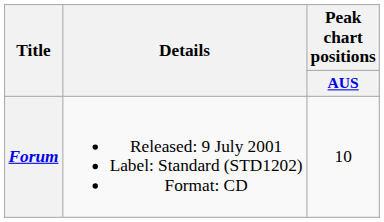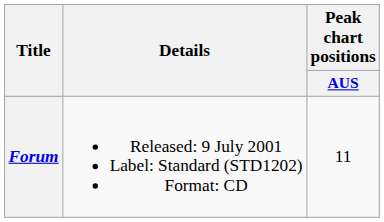 <table class="wikitable plainrowheaders" style="text-align:center;">
 <tr>
 <th scope="col" rowspan="2">Title</th>
 <th scope="col" rowspan="2">Details</th>
 <th scope="col" colspan="1">Peak chart positions</th>
 </tr>
 <tr>
 <th scope="col" style="width:3em;font-size:90%;"><a href='#'>AUS</a><br></th>
 </tr>
 <tr>
 <th scope="row"><em><a href='#'>Forum</a></em></th>
 <td><br><ul><li>Released: 9 July 2001</li><li>Label: Standard (STD1202)</li><li>Format: CD</li></ul></td>
-<td>10</td>
+<td>11</td>
 </tr>
 </table>
